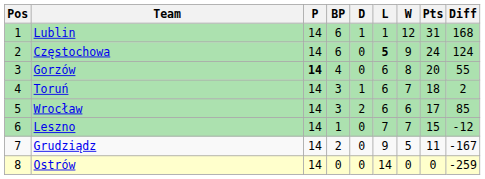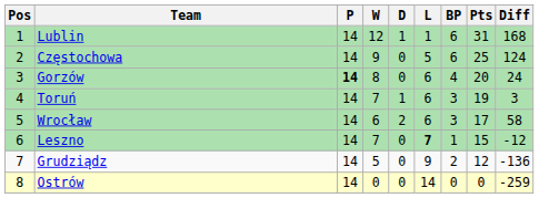 <table class="wikitable" style="font-size: 100%">
 <tr>
 <th width=20>Pos</th>
 <th width=300>Team</th>
 <th width=20>P</th>
-<th width=20>BP</th>
+<th width=20>W</th>
 <th width=20>D</th>
 <th width=20>L</th>
-<th width=20>W</th>
+<th width=20>BP</th>
 <th width=20>Pts</th>
 <th width=20>Diff</th>
 </tr>
 <tr align=center style="background:#ACE1AF;">
 <td>1</td>
 <td align="left"><a href='#'>Lublin</a></td>
 <td>14</td>
-<td>6</td>
+<td>12</td>
 <td>1</td>
 <td>1</td>
-<td>12</td>
+<td>6</td>
 <td>31</td>
 <td>168</td>
 </tr>
 <tr align=center style="background:#ACE1AF;">
 <td>2</td>
 <td align="left"><a href='#'>Częstochowa</a></td>
 <td>14</td>
+<td>9</td>
+<td>0</td>
+<td>5</td>
 <td>6</td>
-<td>0</td>
-<td><strong>5</strong></td>
-<td>9</td>
-<td>24</td>
+<td>25</td>
 <td>124</td>
 </tr>
 <tr align=center style="background:#ACE1AF;">
 <td>3</td>
 <td align="left"><a href='#'>Gorzów</a></td>
 <td><strong>14</strong></td>
-<td>4</td>
+<td>8</td>
 <td>0</td>
 <td>6</td>
-<td>8</td>
+<td>4</td>
 <td>20</td>
-<td>55</td>
+<td>24</td>
 </tr>
 <tr align=center style="background:#ACE1AF;">
 <td>4</td>
 <td align="left"><a href='#'>Toruń</a></td>
 <td>14</td>
-<td>3</td>
+<td>7</td>
 <td>1</td>
 <td>6</td>
-<td>7</td>
-<td>18</td>
-<td>2</td>
+<td>3</td>
+<td>19</td>
+<td>3</td>
 </tr>
 <tr align=center style="background:#ACE1AF;">
 <td>5</td>
 <td align="left"><a href='#'>Wrocław</a></td>
 <td>14</td>
-<td>3</td>
+<td>6</td>
 <td>2</td>
 <td>6</td>
-<td>6</td>
+<td>3</td>
 <td>17</td>
-<td>85</td>
+<td>58</td>
 </tr>
 <tr align=center style="background:#ACE1AF;">
 <td>6</td>
 <td align="left"><a href='#'>Leszno</a></td>
 <td>14</td>
+<td>7</td>
+<td>0</td>
+<td><strong>7</strong></td>
 <td>1</td>
-<td>0</td>
-<td>7</td>
-<td>7</td>
 <td>15</td>
 <td>-12</td>
 </tr>
 <tr align=center>
 <td>7</td>
 <td align="left"><a href='#'>Grudziądz</a></td>
 <td>14</td>
-<td>2</td>
+<td>5</td>
 <td>0</td>
 <td>9</td>
-<td>5</td>
-<td>11</td>
-<td>-167</td>
+<td>2</td>
+<td>12</td>
+<td>-136</td>
 </tr>
 <tr align=center style="background: #ffffcc;">
 <td>8</td>
 <td align="left"><a href='#'>Ostrów</a></td>
 <td>14</td>
 <td>0</td>
 <td>0</td>
 <td>14</td>
 <td>0</td>
 <td>0</td>
 <td>-259</td>
 </tr>
 </table>
